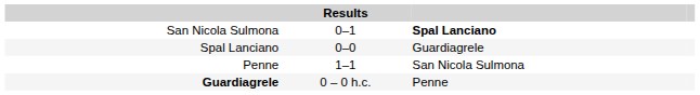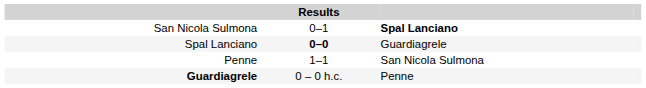 <table align=center style="font-size: 85%; border-collapse:collapse" border=0 cellspacing=0 cellpadding=2 width=60%>
 <tr bgcolor="D3D3D3">
 <th align=right></th>
 <th align=center>Results</th>
 <th align=left></th>
 <th align=center></th>
 </tr>
 <tr bgcolor=#FFFFFF>
 <td align=right>San Nicola Sulmona</td>
 <td align=center>0–1</td>
 <td><strong>Spal Lanciano</strong></td>
 <td align=center></td>
 </tr>
 <tr bgcolor=#F5F5F5>
 <td align=right>Spal Lanciano</td>
-<td align=center>0–0</td>
+<td align=center><strong>0–0</strong></td>
 <td>Guardiagrele</td>
 <td align=center></td>
 </tr>
 <tr bgcolor=#FFFFFF>
 <td align=right>Penne</td>
 <td align=center>1–1</td>
 <td>San Nicola Sulmona</td>
 <td align=center></td>
 </tr>
 <tr bgcolor=#F5F5F5>
 <td align=right><strong>Guardiagrele</strong></td>
 <td align=center>0 – 0 h.c.</td>
 <td>Penne</td>
 <td align=center></td>
 </tr>
 </table>
